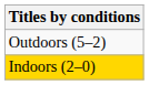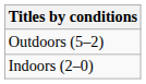 <table class=wikitable>
 <tr>
 <th>Titles by conditions</th>
 </tr>
 <tr>
 <td>Outdoors (5–2)</td>
 </tr>
 <tr>
-<td style="background: gold;">Indoors (2–0)</td>
+<td>Indoors (2–0)</td>
 </tr>
 </table>
